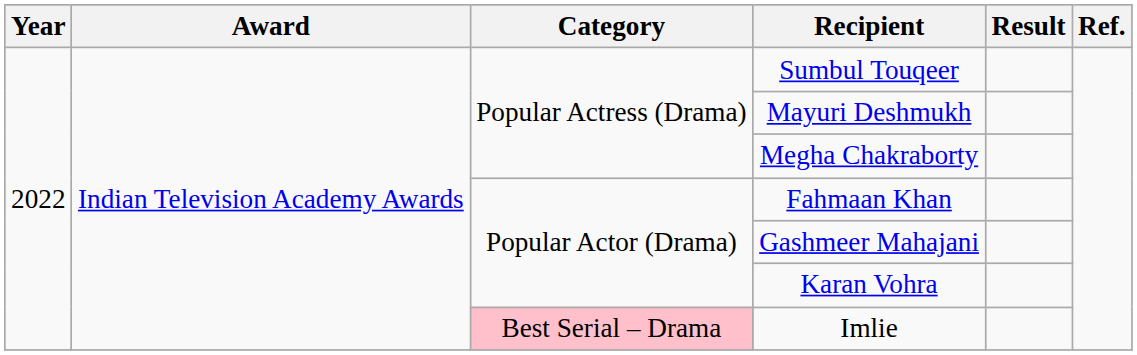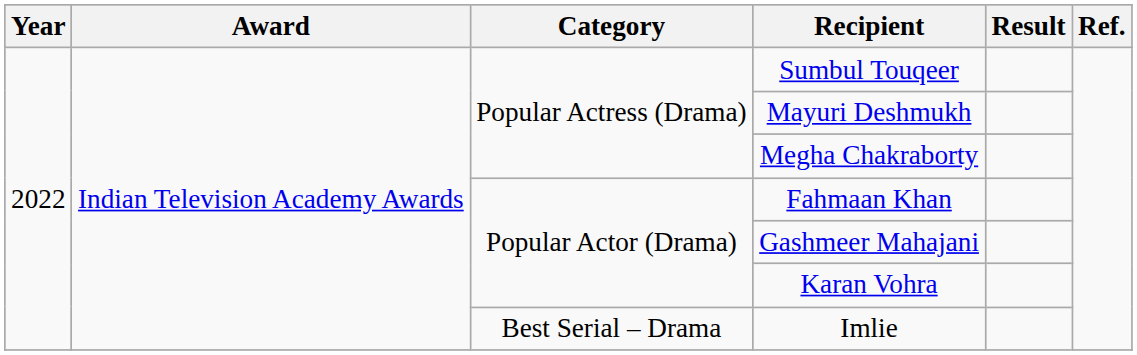 <table class="wikitable" style="text-align:center;">
 <tr>
 <th>Year</th>
 <th>Award</th>
 <th>Category</th>
 <th>Recipient</th>
 <th>Result</th>
 <th>Ref.</th>
 </tr>
 <tr>
 <td rowspan="7">2022</td>
 <td rowspan="7"><a href='#'>Indian Television Academy Awards</a></td>
 <td rowspan="3">Popular Actress (Drama)</td>
 <td><a href='#'>Sumbul Touqeer</a></td>
 <td></td>
 <td rowspan="7"></td>
 </tr>
 <tr>
 <td><a href='#'>Mayuri Deshmukh</a></td>
 <td></td>
 </tr>
 <tr>
 <td><a href='#'>Megha Chakraborty</a></td>
 <td></td>
 </tr>
 <tr>
 <td rowspan="3">Popular Actor (Drama)</td>
 <td><a href='#'>Fahmaan Khan</a></td>
 <td></td>
 </tr>
 <tr>
 <td><a href='#'>Gashmeer Mahajani</a></td>
 <td></td>
 </tr>
 <tr>
 <td><a href='#'>Karan Vohra</a></td>
 <td></td>
 </tr>
 <tr>
-<td style="background: pink;">Best Serial – Drama</td>
+<td>Best Serial – Drama</td>
 <td>Imlie</td>
 <td></td>
 </tr>
 </table>
